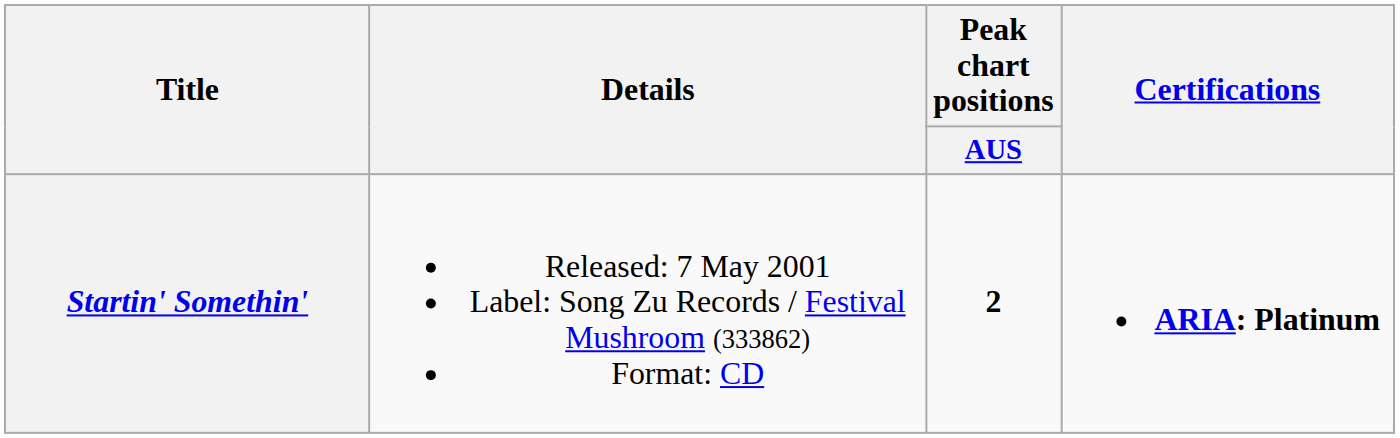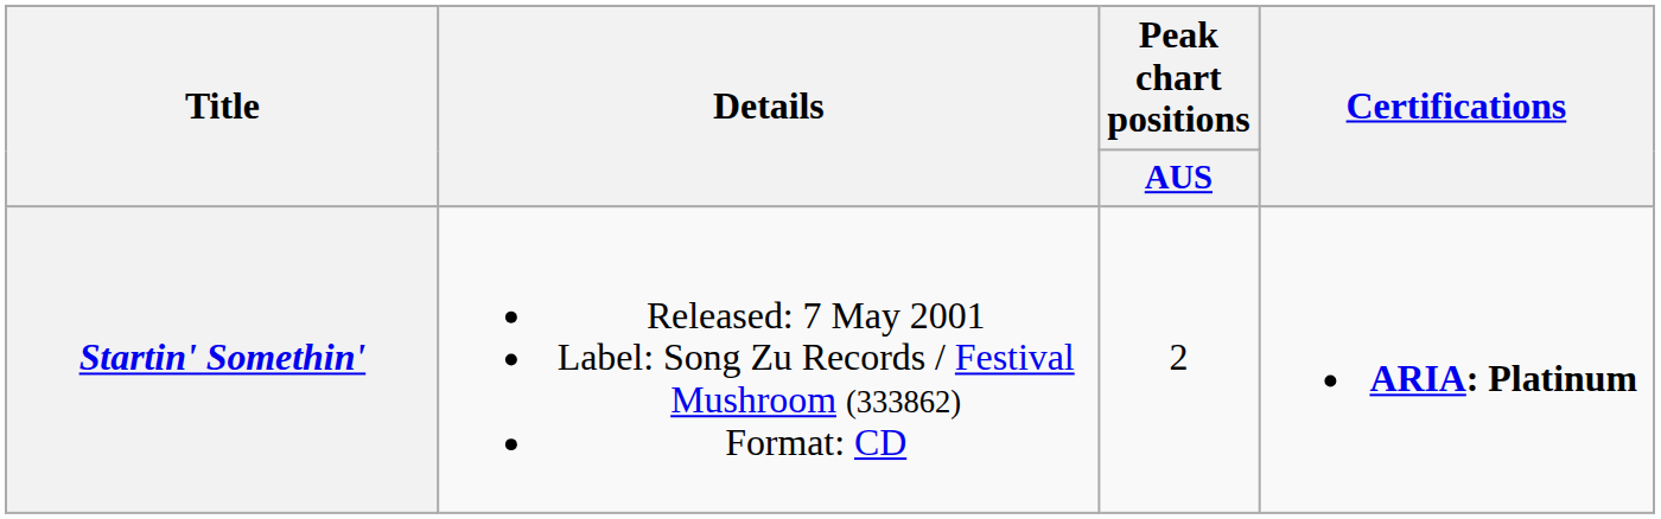 <table class="wikitable plainrowheaders" style="text-align:center;" border="1">
 <tr>
 <th scope="col" rowspan="2" style="width:11em;">Title</th>
 <th scope="col" rowspan="2" style="width:17em;">Details</th>
 <th scope="col" colspan="1">Peak chart positions</th>
 <th scope="col" rowspan="2" style="width:10em;"><a href='#'>Certifications</a></th>
 </tr>
 <tr>
 <th scope="col" style="width:3em;font-size:90%;"><a href='#'>AUS</a><br></th>
 </tr>
 <tr>
 <th scope="row"><em><a href='#'>Startin' Somethin'</a></em></th>
 <td><br><ul><li>Released: 7 May 2001</li><li>Label: Song Zu Records / <a href='#'>Festival Mushroom</a> <small>(333862)</small></li><li>Format: <a href='#'>CD</a></li></ul></td>
-<td><strong>2</strong></td>
+<td>2</td>
 <td><strong><br><ul><li><a href='#'>ARIA</a>: Platinum</li></ul></strong></td>
 </tr>
 </table>
